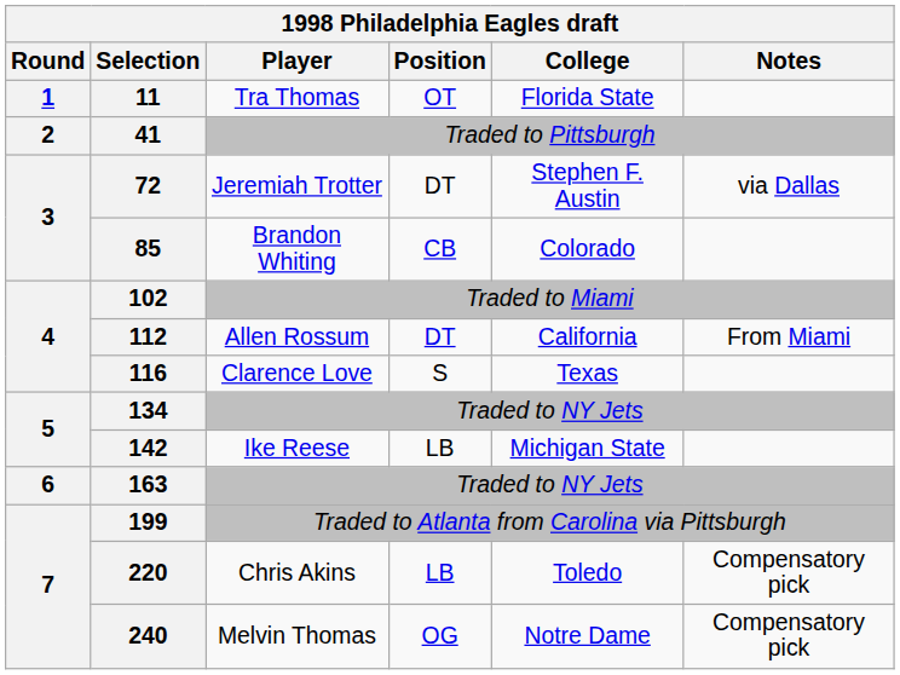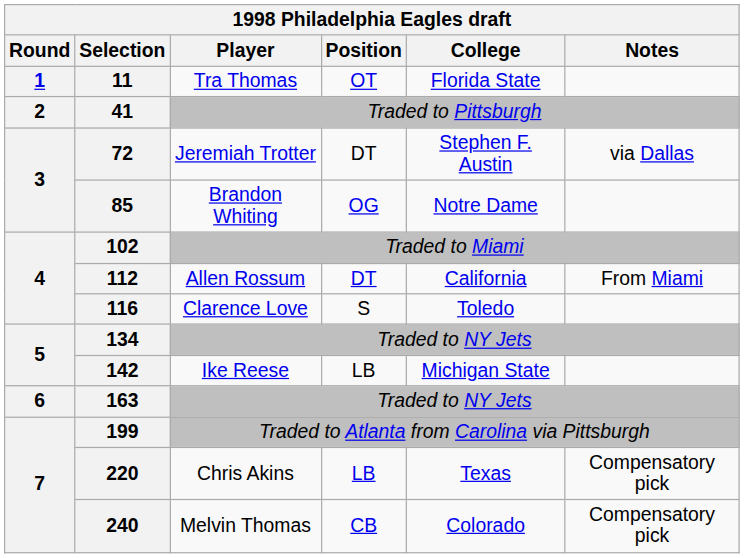 <table class="wikitable" style="text-align:center">
 <tr>
 <th colspan=6>1998 Philadelphia Eagles draft</th>
 </tr>
 <tr>
 <th>Round</th>
 <th>Selection</th>
 <th>Player</th>
 <th>Position</th>
 <th>College</th>
 <th>Notes</th>
 </tr>
 <tr>
 <th><a href='#'>1</a></th>
 <th>11</th>
 <td><a href='#'>Tra Thomas</a></td>
 <td><a href='#'>OT</a></td>
 <td><a href='#'>Florida State</a></td>
 </tr>
 <tr>
 <th>2</th>
 <th>41</th>
 <td colspan="4" style="background:#BFBFBF"><em>Traded to <a href='#'>Pittsburgh</a></em></td>
 </tr>
 <tr>
 <th rowspan="2">3</th>
 <th>72</th>
 <td><a href='#'>Jeremiah Trotter</a></td>
 <td>DT</td>
 <td><a href='#'>Stephen F. Austin</a></td>
 <td>via <a href='#'>Dallas</a></td>
 </tr>
 <tr>
 <th>85</th>
 <td><a href='#'>Brandon Whiting</a></td>
-<td><a href='#'>CB</a></td>
-<td><a href='#'>Colorado</a></td>
+<td><a href='#'>OG</a></td>
+<td><a href='#'>Notre Dame</a></td>
 <td></td>
 </tr>
 <tr>
 <th rowspan="3">4</th>
 <th>102</th>
 <td colspan="4" style="background:#BFBFBF"><em>Traded to <a href='#'>Miami</a></em></td>
 </tr>
 <tr>
 <th>112</th>
 <td><a href='#'>Allen Rossum</a></td>
 <td><a href='#'>DT</a></td>
 <td><a href='#'>California</a></td>
 <td>From <a href='#'>Miami</a></td>
 </tr>
 <tr style="text-align:center;">
 <th>116</th>
 <td><a href='#'>Clarence Love</a></td>
 <td>S</td>
-<td><a href='#'>Texas</a></td>
+<td><a href='#'>Toledo</a></td>
 <td></td>
 </tr>
 <tr>
 <th rowspan="2">5</th>
 <th>134</th>
 <td colspan="4" style="background:#BFBFBF"><em>Traded to <a href='#'>NY Jets</a></em></td>
 </tr>
 <tr>
 <th>142</th>
 <td><a href='#'>Ike Reese</a></td>
 <td>LB</td>
 <td><a href='#'>Michigan State</a></td>
 <td></td>
 </tr>
 <tr>
 <th>6</th>
 <th>163</th>
 <td colspan="4" style="background:#BFBFBF"><em>Traded to <a href='#'>NY Jets</a></em></td>
 </tr>
 <tr>
 <th rowspan="3">7</th>
 <th>199</th>
 <td colspan="4" style="background:#BFBFBF"><em>Traded to <a href='#'>Atlanta</a> from <a href='#'>Carolina</a> via Pittsburgh</em></td>
 </tr>
 <tr>
 <th>220</th>
 <td>Chris Akins</td>
 <td><a href='#'>LB</a></td>
-<td><a href='#'>Toledo</a></td>
+<td><a href='#'>Texas</a></td>
 <td>Compensatory pick</td>
 </tr>
 <tr>
 <th>240</th>
 <td>Melvin Thomas</td>
-<td><a href='#'>OG</a></td>
-<td><a href='#'>Notre Dame</a></td>
+<td><a href='#'>CB</a></td>
+<td><a href='#'>Colorado</a></td>
 <td>Compensatory pick</td>
 </tr>
 </table>
